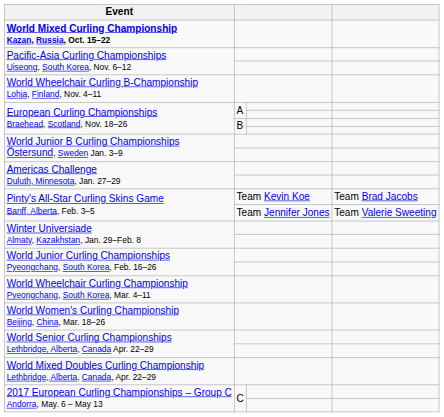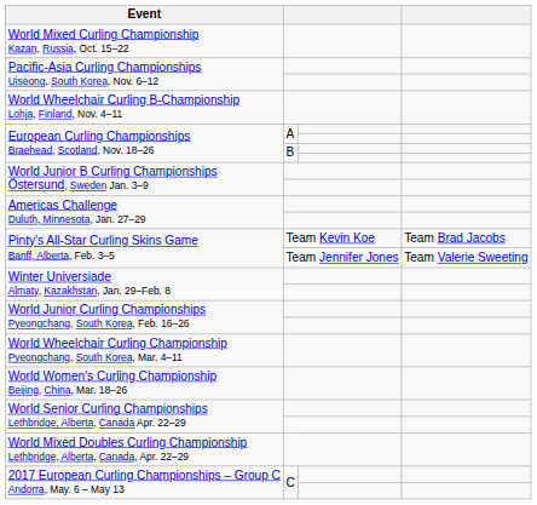 <table class="wikitable">
 <tr>
 <th>Event</th>
 <th colspan=2></th>
 <th></th>
 </tr>
 <tr>
-<td><strong><a href='#'>World Mixed Curling Championship</a> <br> <small><a href='#'>Kazan</a>, <a href='#'>Russia</a>, Oct. 15–22</small></strong></td>
+<td><a href='#'>World Mixed Curling Championship</a> <br> <small><a href='#'>Kazan</a>, <a href='#'>Russia</a>, Oct. 15–22</small></td>
 <td colspan=2></td>
 <td></td>
 </tr>
 <tr>
 <td rowspan=2><a href='#'>Pacific-Asia Curling Championships</a> <br> <small><a href='#'>Uiseong</a>, <a href='#'>South Korea</a>, Nov. 6–12</small></td>
 <td colspan=2></td>
 <td></td>
 </tr>
 <tr>
 <td colspan=2></td>
 <td></td>
 </tr>
 <tr>
 <td><a href='#'>World Wheelchair Curling B-Championship</a> <br> <small><a href='#'>Lohja</a>, <a href='#'>Finland</a>, Nov. 4–11</small></td>
 <td colspan=2></td>
 <td></td>
 </tr>
 <tr>
 <td rowspan=4><a href='#'>European Curling Championships</a> <br> <small><a href='#'>Braehead</a>, <a href='#'>Scotland</a>, Nov. 18–26</small></td>
 <td rowspan=2 width=5>A</td>
 <td></td>
 <td></td>
 </tr>
 <tr>
 <td></td>
 <td></td>
 </tr>
 <tr>
 <td rowspan=2>B</td>
 <td></td>
 <td></td>
 </tr>
 <tr>
 <td></td>
 <td></td>
 </tr>
 <tr>
 <td rowspan=2><a href='#'>World Junior B Curling Championships</a> <br> <a href='#'>Östersund</a><small>, <a href='#'>Sweden</a> Jan. 3–9</small></td>
 <td colspan="2"></td>
 <td></td>
 </tr>
 <tr>
 <td colspan=2></td>
 <td></td>
 </tr>
 <tr>
 <td rowspan=2><a href='#'>Americas Challenge</a> <br> <small><a href='#'>Duluth, Minnesota</a>, Jan. 27–29</small></td>
 <td colspan=2></td>
 <td></td>
 </tr>
 <tr>
 <td colspan=2></td>
 <td></td>
 </tr>
 <tr>
 <td rowspan=2><a href='#'>Pinty's All-Star Curling Skins Game</a> <br> <small><a href='#'>Banff, Alberta</a>, Feb. 3–5</small></td>
 <td colspan=2>Team <a href='#'>Kevin Koe</a></td>
 <td>Team <a href='#'>Brad Jacobs</a></td>
 </tr>
 <tr>
 <td colspan=2>Team <a href='#'>Jennifer Jones</a></td>
 <td>Team <a href='#'>Valerie Sweeting</a></td>
 </tr>
 <tr>
 <td rowspan=2><a href='#'>Winter Universiade</a> <br> <small><a href='#'>Almaty</a>, <a href='#'>Kazakhstan</a>, Jan. 29–Feb. 8</small></td>
 <td colspan=2></td>
 <td></td>
 </tr>
 <tr>
 <td colspan=2></td>
 <td></td>
 </tr>
 <tr>
 <td rowspan=2><a href='#'>World Junior Curling Championships</a> <br> <small><a href='#'>Pyeongchang</a>, <a href='#'>South Korea</a>, Feb. 16–26</small></td>
 <td colspan=2></td>
 <td></td>
 </tr>
 <tr>
 <td colspan=2></td>
 <td></td>
 </tr>
 <tr>
 <td><a href='#'>World Wheelchair Curling Championship</a> <br> <small><a href='#'>Pyeongchang</a>, <a href='#'>South Korea</a>, Mar. 4–11</small></td>
 <td colspan=2></td>
 <td></td>
 </tr>
 <tr>
 <td><a href='#'>World Women's Curling Championship</a> <br> <small><a href='#'>Beijing</a>, <a href='#'>China</a>, Mar. 18–26</small></td>
 <td colspan=2></td>
 <td></td>
 </tr>
 <tr>
 <td rowspan=2><a href='#'>World Senior Curling Championships</a> <br> <small><a href='#'>Lethbridge, Alberta</a>, <a href='#'>Canada</a> Apr. 22–29</small></td>
 <td colspan=2></td>
 <td></td>
 </tr>
 <tr>
 <td colspan=2></td>
 <td></td>
 </tr>
 <tr>
 <td><a href='#'>World Mixed Doubles Curling Championship</a> <br> <small><a href='#'>Lethbridge, Alberta</a>, <a href='#'>Canada</a>, Apr. 22–29</small></td>
 <td colspan=2></td>
 <td></td>
 </tr>
 <tr>
 <td rowspan=2><a href='#'>2017 European Curling Championships – Group C</a> <br> <small> <a href='#'>Andorra</a>, May. 6 – May 13</small></td>
 <td rowspan=2 width=5>C</td>
 <td></td>
 <td></td>
 </tr>
 <tr>
 <td></td>
 <td></td>
 </tr>
 </table>
